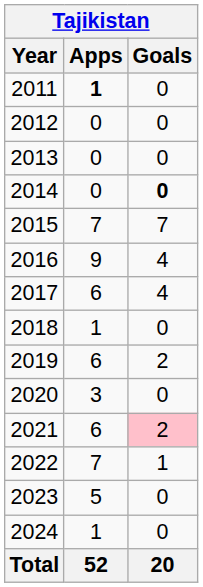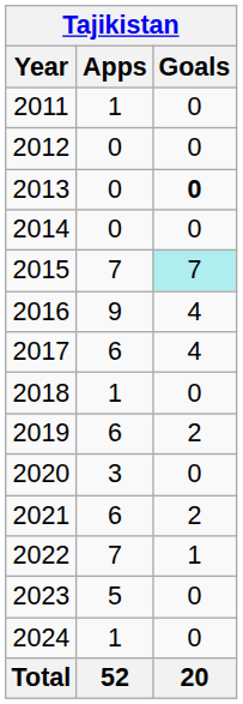 <table class="wikitable" style="text-align:center">
 <tr>
 <th colspan=3><a href='#'>Tajikistan</a></th>
 </tr>
 <tr>
 <th>Year</th>
 <th>Apps</th>
 <th>Goals</th>
 </tr>
 <tr>
 <td>2011</td>
-<td><strong>1</strong></td>
+<td>1</td>
 <td>0</td>
 </tr>
 <tr>
 <td>2012</td>
 <td>0</td>
 <td>0</td>
 </tr>
 <tr>
 <td>2013</td>
 <td>0</td>
-<td>0</td>
+<td><strong>0</strong></td>
 </tr>
 <tr>
 <td>2014</td>
 <td>0</td>
-<td><strong>0</strong></td>
+<td>0</td>
 </tr>
 <tr>
 <td>2015</td>
 <td>7</td>
-<td>7</td>
+<td style="background: paleturquoise;">7</td>
 </tr>
 <tr>
 <td>2016</td>
 <td>9</td>
 <td>4</td>
 </tr>
 <tr>
 <td>2017</td>
 <td>6</td>
 <td>4</td>
 </tr>
 <tr>
 <td>2018</td>
 <td>1</td>
 <td>0</td>
 </tr>
 <tr>
 <td>2019</td>
 <td>6</td>
 <td>2</td>
 </tr>
 <tr>
 <td>2020</td>
 <td>3</td>
 <td>0</td>
 </tr>
 <tr>
 <td>2021</td>
 <td>6</td>
-<td style="background: pink;">2</td>
+<td>2</td>
 </tr>
 <tr>
 <td>2022</td>
 <td>7</td>
 <td>1</td>
 </tr>
 <tr>
 <td>2023</td>
 <td>5</td>
 <td>0</td>
 </tr>
 <tr>
 <td>2024</td>
 <td>1</td>
 <td>0</td>
 </tr>
 <tr>
 <th>Total</th>
 <th>52</th>
 <th>20</th>
 </tr>
 </table>
